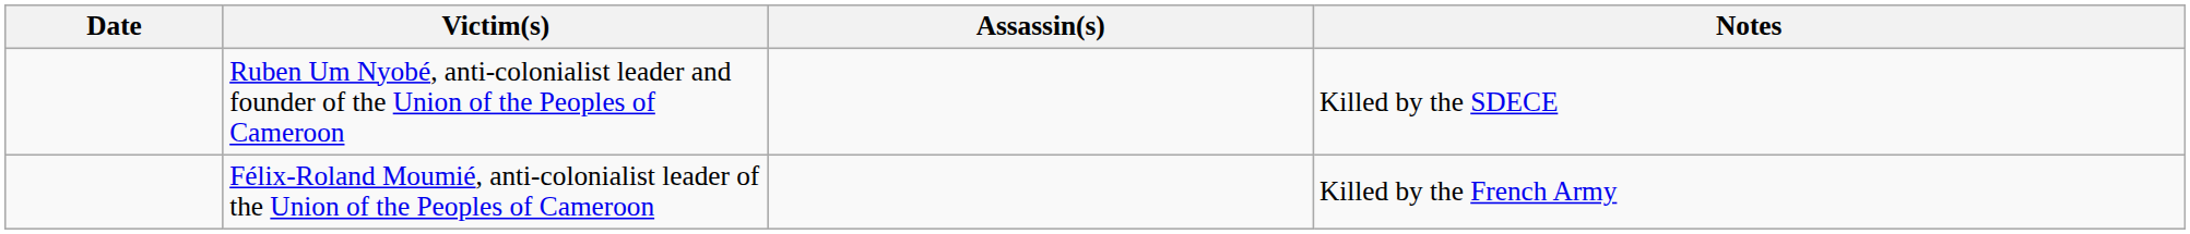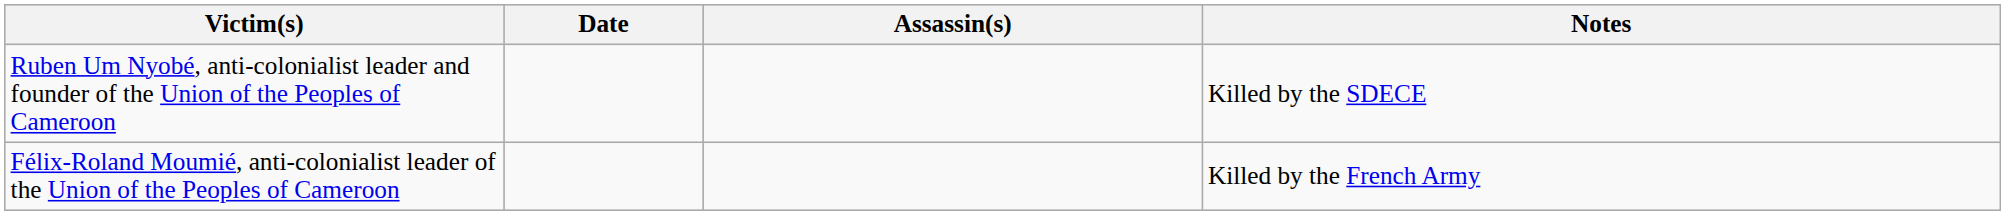 <table class="wikitable sortable" style="width:100%">
 <tr>
+<th style="width:25%">Victim(s)</th>
 <th style="width:10%">Date</th>
-<th style="width:25%">Victim(s)</th>
 <th style="width:25%">Assassin(s)</th>
 <th style="width:40%">Notes</th>
 </tr>
 <tr>
+<td><a href='#'>Ruben Um Nyobé</a>, anti-colonialist leader and founder of the <a href='#'>Union of the Peoples of Cameroon</a></td>
 <td></td>
-<td><a href='#'>Ruben Um Nyobé</a>, anti-colonialist leader and founder of the <a href='#'>Union of the Peoples of Cameroon</a></td>
 <td></td>
 <td>Killed by the <a href='#'>SDECE</a></td>
 </tr>
 <tr>
+<td><a href='#'>Félix-Roland Moumié</a>, anti-colonialist leader of the <a href='#'>Union of the Peoples of Cameroon</a></td>
 <td></td>
-<td><a href='#'>Félix-Roland Moumié</a>, anti-colonialist leader of the <a href='#'>Union of the Peoples of Cameroon</a></td>
 <td></td>
 <td>Killed by the <a href='#'>French Army</a></td>
 </tr>
 </table>
